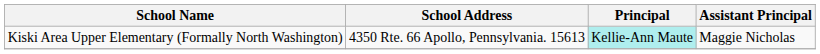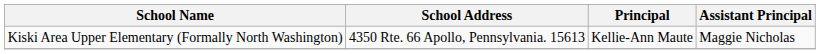 <table class="wikitable">
 <tr>
 <th>School Name</th>
 <th>School Address</th>
 <th>Principal</th>
 <th>Assistant Principal</th>
 </tr>
 <tr>
 <td>Kiski Area Upper Elementary (Formally North Washington)</td>
 <td>4350 Rte. 66 Apollo, Pennsylvania. 15613</td>
-<td style="background: paleturquoise;">Kellie-Ann Maute</td>
+<td>Kellie-Ann Maute</td>
 <td>Maggie Nicholas</td>
 </tr>
 <tr>
 </tr>
 </table>
